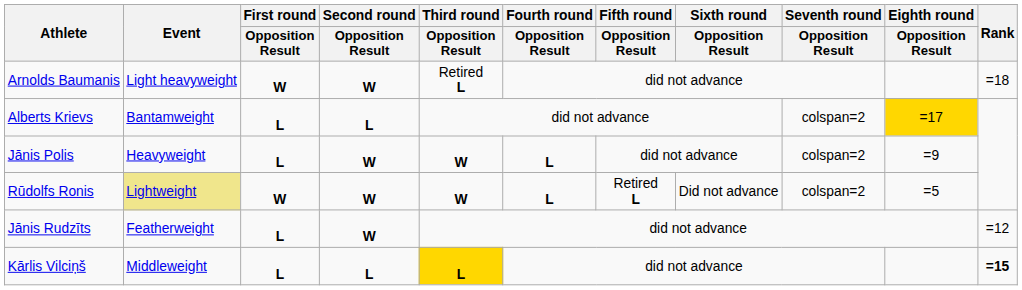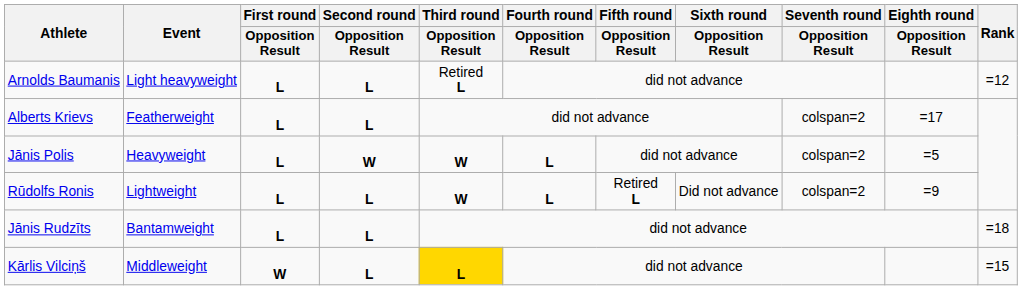 <table class="wikitable" style="font-size:90%;">
 <tr>
 <th rowspan=2>Athlete</th>
 <th rowspan=2>Event</th>
 <th>First round</th>
 <th>Second round</th>
 <th>Third round</th>
 <th>Fourth round</th>
 <th>Fifth round</th>
 <th>Sixth round</th>
 <th>Seventh round</th>
 <th>Eighth round</th>
 <th rowspan=2>Rank</th>
 </tr>
 <tr style="font-size: 95%">
 <th>Opposition<br>Result</th>
 <th>Opposition<br>Result</th>
 <th>Opposition<br>Result</th>
 <th>Opposition<br>Result</th>
 <th>Opposition<br>Result</th>
 <th>Opposition<br>Result</th>
 <th>Opposition<br>Result</th>
 <th>Opposition<br>Result</th>
 </tr>
 <tr align=center>
 <td align=left><a href='#'>Arnolds Baumanis</a></td>
 <td align=left><a href='#'>Light heavyweight</a></td>
-<td> <br> <strong>W</strong></td>
-<td> <br> <strong>W</strong></td>
+<td> <br> <strong>L</strong></td>
+<td> <br> <strong>L</strong></td>
 <td>Retired <br> <strong>L</strong></td>
 <td colspan=4>did not advance</td>
 <td></td>
-<td>=18</td>
+<td>=12</td>
 </tr>
 <tr align=center>
 <td align=left><a href='#'>Alberts Krievs</a></td>
-<td align=left><a href='#'>Bantamweight</a></td>
+<td align=left><a href='#'>Featherweight</a></td>
 <td> <br> <strong>L</strong></td>
 <td> <br> <strong>L</strong></td>
 <td colspan=4>did not advance</td>
 <td>colspan=2 </td>
-<td style="background: gold;">=17</td>
+<td>=17</td>
 </tr>
 <tr align=center>
 <td align=left><a href='#'>Jānis Polis</a></td>
 <td align=left><a href='#'>Heavyweight</a></td>
 <td> <br> <strong>L</strong></td>
 <td> <br> <strong>W</strong></td>
 <td> <br> <strong>W</strong></td>
 <td> <br> <strong>L</strong></td>
 <td colspan=2>did not advance</td>
 <td>colspan=2 </td>
-<td>=9</td>
+<td>=5</td>
 </tr>
 <tr align=center>
 <td align=left><a href='#'>Rūdolfs Ronis</a></td>
-<td align=left style="background: khaki;"><a href='#'>Lightweight</a></td>
-<td> <br> <strong>W</strong></td>
-<td> <br> <strong>W</strong></td>
+<td align=left><a href='#'>Lightweight</a></td>
+<td> <br> <strong>L</strong></td>
+<td> <br> <strong>L</strong></td>
 <td> <br> <strong>W</strong></td>
 <td> <br> <strong>L</strong></td>
 <td>Retired <br> <strong>L</strong></td>
 <td>Did not advance</td>
 <td>colspan=2 </td>
-<td>=5</td>
+<td>=9</td>
 </tr>
 <tr align=center>
 <td align=left><a href='#'>Jānis Rudzīts</a></td>
-<td align=left><a href='#'>Featherweight</a></td>
+<td align=left><a href='#'>Bantamweight</a></td>
 <td> <br> <strong>L</strong></td>
-<td> <br> <strong>W</strong></td>
+<td> <br> <strong>L</strong></td>
 <td colspan=6>did not advance</td>
-<td>=12</td>
+<td>=18</td>
 </tr>
 <tr align=center>
 <td align=left><a href='#'>Kārlis Vilciņš</a></td>
 <td align=left><a href='#'>Middleweight</a></td>
-<td> <br> <strong>L</strong></td>
+<td> <br> <strong>W</strong></td>
 <td> <br> <strong>L</strong></td>
 <td style="background: gold;"> <br> <strong>L</strong></td>
 <td colspan=4>did not advance</td>
 <td></td>
-<td><strong>=15</strong></td>
+<td>=15</td>
 </tr>
 </table>
